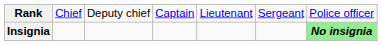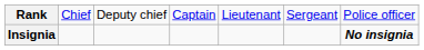 <table class="wikitable">
 <tr style="text-align:center;">
 <th>Rank</th>
 <td><a href='#'>Chief</a></td>
 <td>Deputy chief</td>
 <td><a href='#'>Captain</a></td>
 <td><a href='#'>Lieutenant</a></td>
 <td><a href='#'>Sergeant</a></td>
 <td><a href='#'>Police officer</a></td>
 </tr>
 <tr style="text-align:center;">
 <th>Insignia</th>
 <td></td>
 <td></td>
 <td></td>
 <td></td>
 <td></td>
-<td style="background: lightgreen;"><strong><em>No insignia</em></strong></td>
+<td><strong><em>No insignia</em></strong></td>
 </tr>
 </table>
